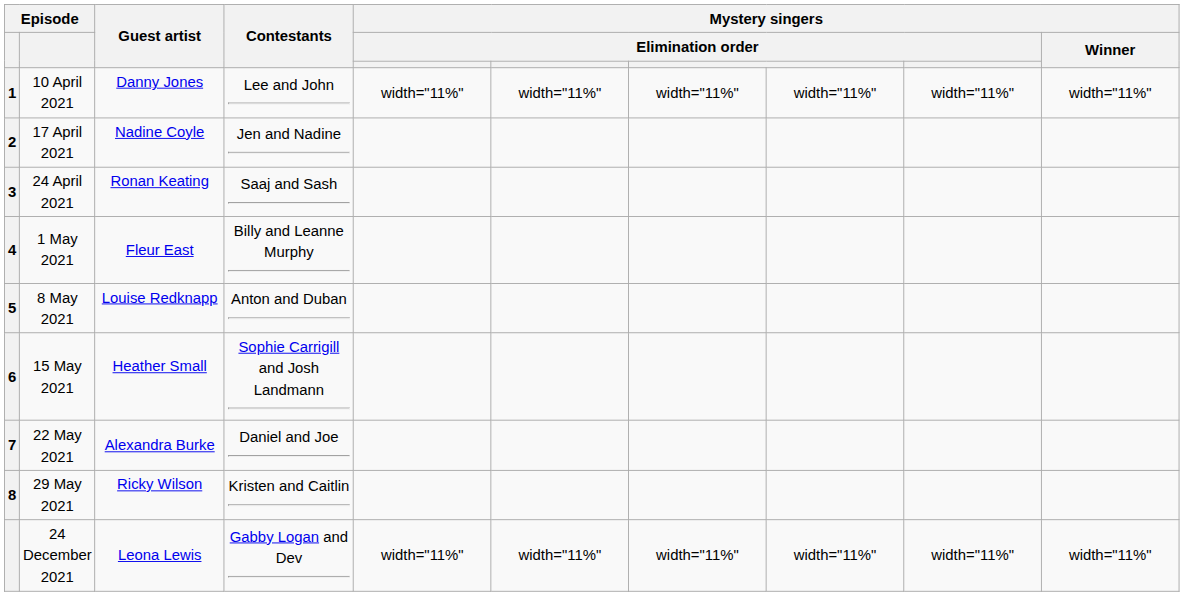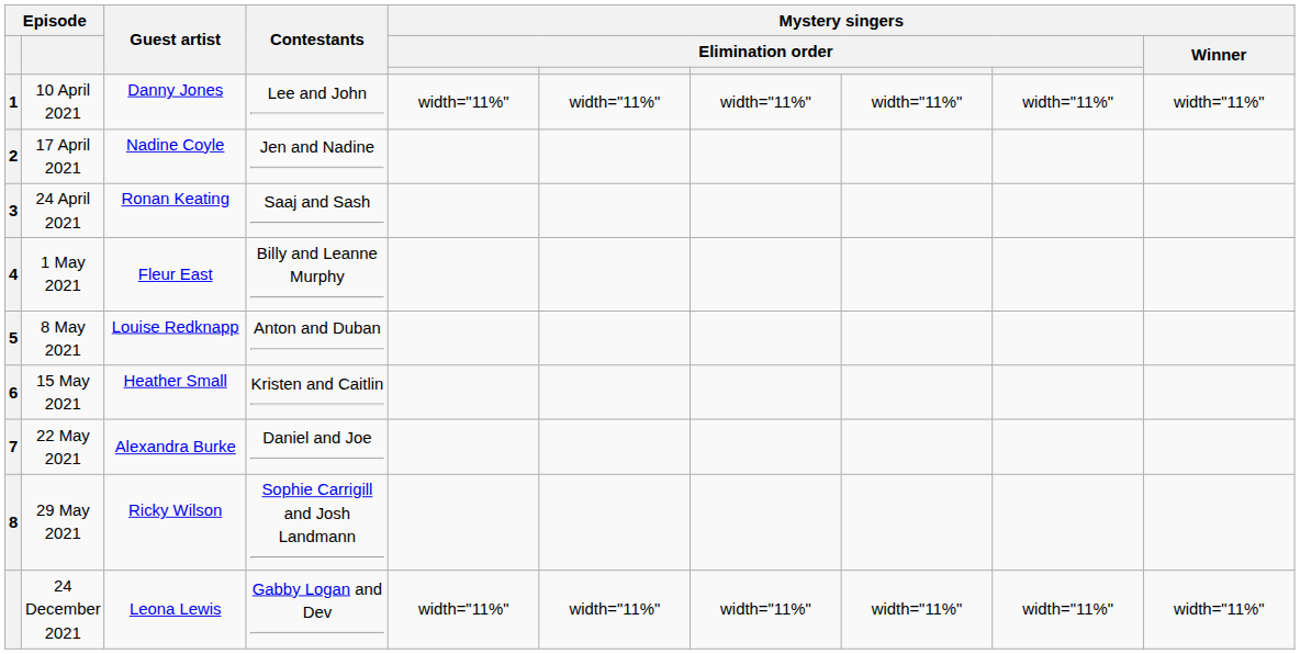 <table class="wikitable plainrowheaders mw-collapsible" style="text-align:center; line-height:23px; width:100%;">
 <tr>
 <th colspan="2" width="1%">Episode</th>
 <th rowspan="3" width="11%">Guest artist</th>
 <th rowspan="3" width="11%">Contestants</th>
 <th colspan="6">Mystery singers<br></th>
 </tr>
 <tr>
 <th rowspan="2"></th>
 <th rowspan="2"></th>
 <th colspan="5">Elimination order</th>
 <th rowspan="2">Winner</th>
 </tr>
 <tr>
 <th></th>
 <th></th>
 <th colspan="2"></th>
 <th></th>
 </tr>
 <tr>
 <th>1</th>
 <td>10 April 2021</td>
 <td><a href='#'>Danny Jones</a><br><br></td>
 <td>Lee and John<hr></td>
 <td>width="11%" </td>
 <td>width="11%" </td>
 <td>width="11%" </td>
 <td>width="11%" </td>
 <td>width="11%" </td>
 <td>width="11%" </td>
 </tr>
 <tr>
 <th>2</th>
 <td>17 April 2021</td>
 <td><a href='#'>Nadine Coyle</a><br><br></td>
 <td>Jen and Nadine<hr></td>
 <td></td>
 <td></td>
 <td></td>
 <td></td>
 <td></td>
 <td></td>
 </tr>
 <tr>
 <th>3</th>
 <td>24 April 2021</td>
 <td><a href='#'>Ronan Keating</a><br><br></td>
 <td>Saaj and Sash<hr></td>
 <td></td>
 <td></td>
 <td></td>
 <td></td>
 <td></td>
 <td></td>
 </tr>
 <tr>
 <th>4</th>
 <td>1 May 2021</td>
 <td><a href='#'>Fleur East</a><br></td>
 <td>Billy and Leanne Murphy<hr></td>
 <td></td>
 <td></td>
 <td></td>
 <td></td>
 <td></td>
 <td></td>
 </tr>
 <tr>
 <th>5</th>
 <td>8 May 2021</td>
 <td><a href='#'>Louise Redknapp</a><br><br></td>
 <td>Anton and Duban<hr></td>
 <td></td>
 <td></td>
 <td></td>
 <td></td>
 <td></td>
 <td></td>
 </tr>
 <tr>
 <th>6</th>
 <td>15 May 2021</td>
 <td><a href='#'>Heather Small</a><br><br></td>
-<td><a href='#'>Sophie Carrigill</a> and Josh Landmann<hr></td>
+<td>Kristen and Caitlin<hr></td>
 <td></td>
 <td></td>
 <td></td>
 <td></td>
 <td></td>
 <td></td>
 </tr>
 <tr>
 <th>7</th>
 <td>22 May 2021</td>
 <td><a href='#'>Alexandra Burke</a><br></td>
 <td>Daniel and Joe<hr></td>
 <td></td>
 <td></td>
 <td></td>
 <td></td>
 <td></td>
 <td></td>
 </tr>
 <tr>
 <th>8</th>
 <td>29 May 2021</td>
 <td><a href='#'>Ricky Wilson</a><br><br></td>
-<td>Kristen and Caitlin<hr></td>
+<td><a href='#'>Sophie Carrigill</a> and Josh Landmann<hr></td>
 <td></td>
 <td></td>
 <td></td>
 <td></td>
 <td></td>
 <td></td>
 </tr>
 <tr>
 <th></th>
 <td>24 December 2021</td>
 <td><a href='#'>Leona Lewis</a><br></td>
 <td><a href='#'>Gabby Logan</a> and Dev<hr></td>
 <td>width="11%" </td>
 <td>width="11%" </td>
 <td>width="11%" </td>
 <td>width="11%" </td>
 <td>width="11%" </td>
 <td>width="11%" </td>
 </tr>
 </table>
